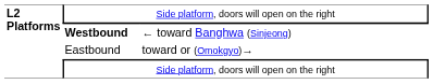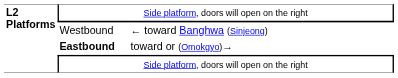 <table table border=0 cellspacing=0 cellpadding=3>
 <tr>
 <td style="border-top:solid 1px gray;border-bottom:solid 1px gray;" width=50 rowspan=10 valign=top><strong>L2<br>Platforms</strong></td>
 <td style="border-top:solid 1px gray;border-right:solid 2px black;border-left:solid 2px black;border-bottom:solid 2px black;text-align:center;" colspan=2><small><a href='#'>Side platform</a>, doors will open on the right</small></td>
 </tr>
 <tr>
-<td style="border-bottom:solid 0px gray;border-top:solid 1px gray;" width=100><strong>Westbound</strong></td>
+<td style="border-bottom:solid 0px gray;border-top:solid 1px gray;" width=100>Westbound</td>
 <td style="border-bottom:solid 0px gray;border-top:solid 1px gray;" width=390>←  toward <a href='#'>Banghwa</a> <small>(<a href='#'>Sinjeong</a>)</small></td>
 </tr>
 <tr>
-<td>Eastbound</td>
+<td><strong>Eastbound</strong></td>
 <td>  toward  or  <small>(<a href='#'>Omokgyo</a>)</small>→</td>
 </tr>
 <tr>
 <td style="border-top:solid 2px black;border-right:solid 2px black;border-left:solid 2px black;border-bottom:solid 1px gray;text-align:center;" colspan=2><small><a href='#'>Side platform</a>, doors will open on the right</small></td>
 </tr>
 </table>
